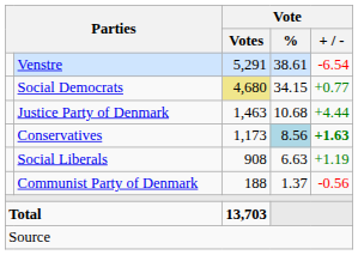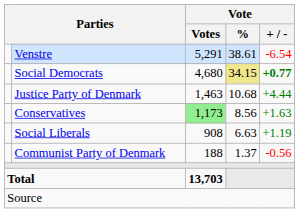 <table class="wikitable" style="text-align:right;">
 <tr>
 <th style="text-align:centre;" rowspan="2" colspan="2" width="225">Parties</th>
 <th colspan="3">Vote</th>
 </tr>
 <tr>
 <th width="15">Votes</th>
 <th width="15">%</th>
 <th width="15">+ / -</th>
 </tr>
 <tr>
 <td width="2" style="color:inherit;background:"></td>
 <td bgcolor=#cfe5fe  align="left"><a href='#'>Venstre</a></td>
 <td bgcolor=#cfe5fe>5,291</td>
 <td bgcolor=#cfe5fe>38.61</td>
 <td style=color:red;>-6.54</td>
 </tr>
 <tr>
 <td width="2" style="color:inherit;background:"></td>
 <td align="left"><a href='#'>Social Democrats</a></td>
-<td style="background: khaki;">4,680</td>
-<td>34.15</td>
-<td style=color:green;>+0.77</td>
+<td>4,680</td>
+<td style="background: khaki;">34.15</td>
+<td style=color:green;><strong>+0.77</strong></td>
 </tr>
 <tr>
 <td width="2" style="color:inherit;background:"></td>
 <td align="left"><a href='#'>Justice Party of Denmark</a></td>
 <td>1,463</td>
 <td>10.68</td>
 <td style=color:green;>+4.44</td>
 </tr>
 <tr>
 <td width="2" style="color:inherit;background:"></td>
 <td align="left"><a href='#'>Conservatives</a></td>
-<td>1,173</td>
-<td style="background: lightblue;">8.56</td>
-<td style=color:green;><strong>+1.63</strong></td>
+<td style="background: lightgreen;">1,173</td>
+<td>8.56</td>
+<td style=color:green;>+1.63</td>
 </tr>
 <tr>
 <td width="2" style="color:inherit;background:"></td>
 <td align="left"><a href='#'>Social Liberals</a></td>
 <td>908</td>
 <td>6.63</td>
 <td style=color:green;>+1.19</td>
 </tr>
 <tr>
 <td width="2" style="color:inherit;background:"></td>
 <td align="left"><a href='#'>Communist Party of Denmark</a></td>
 <td>188</td>
 <td>1.37</td>
 <td style=color:red;>-0.56</td>
 </tr>
 <tr>
 <td colspan="7" bgcolor="#E9E9E9"></td>
 </tr>
 <tr>
 <td align="left" colspan="2"><strong>Total</strong></td>
 <td><strong>13,703</strong></td>
 <td bgcolor="#E9E9E9" colspan="2"></td>
 </tr>
 <tr>
 <td align="left" colspan="6">Source</td>
 </tr>
 </table>
